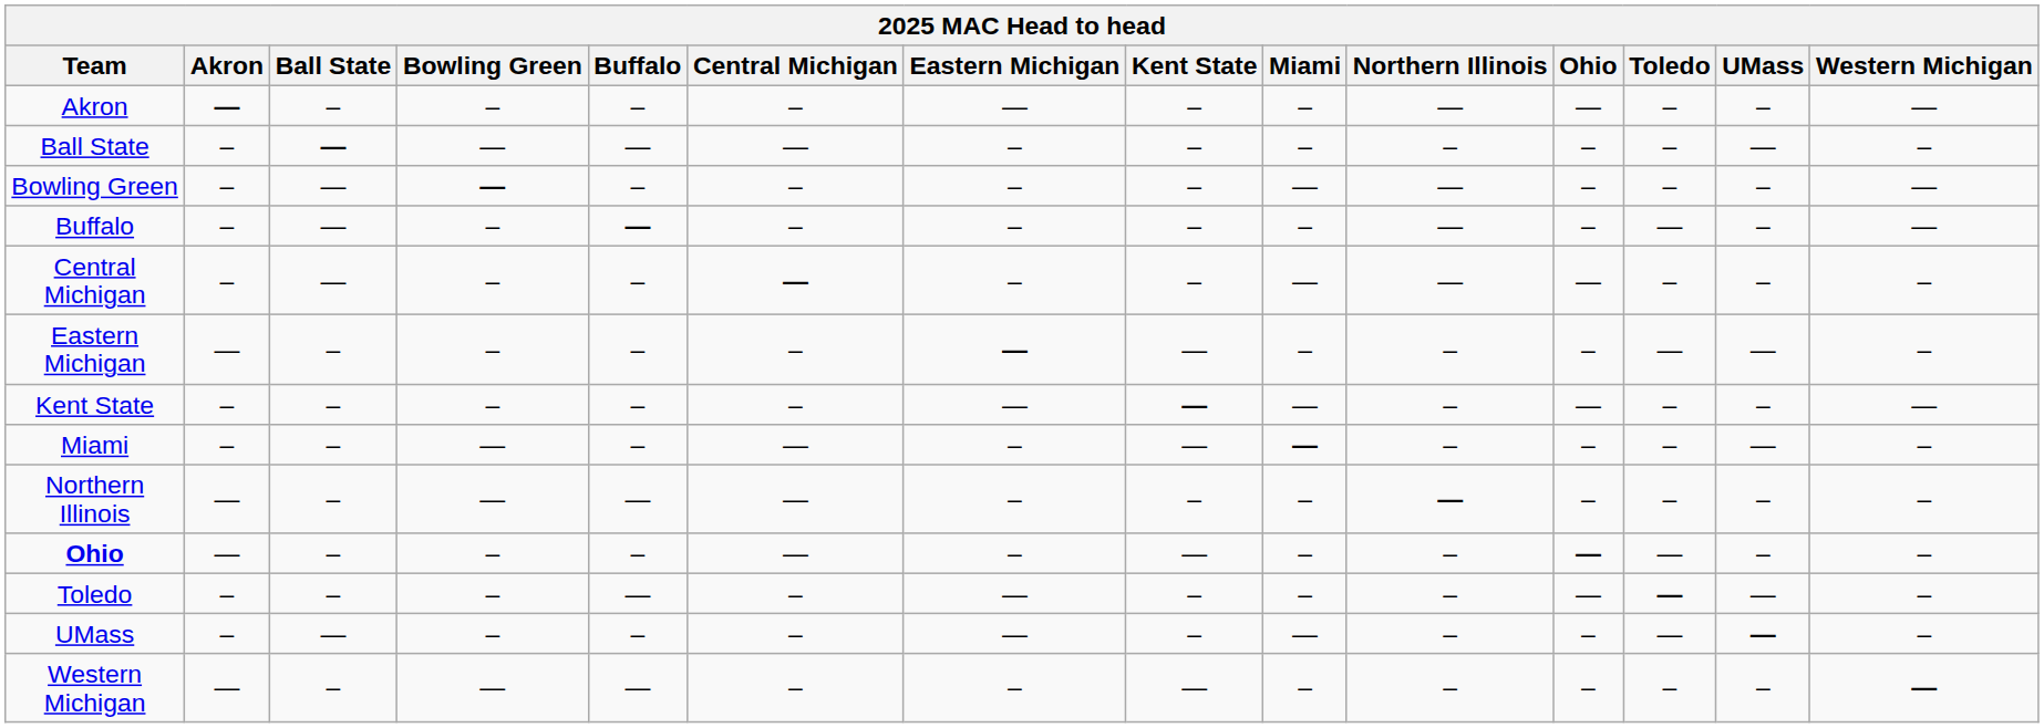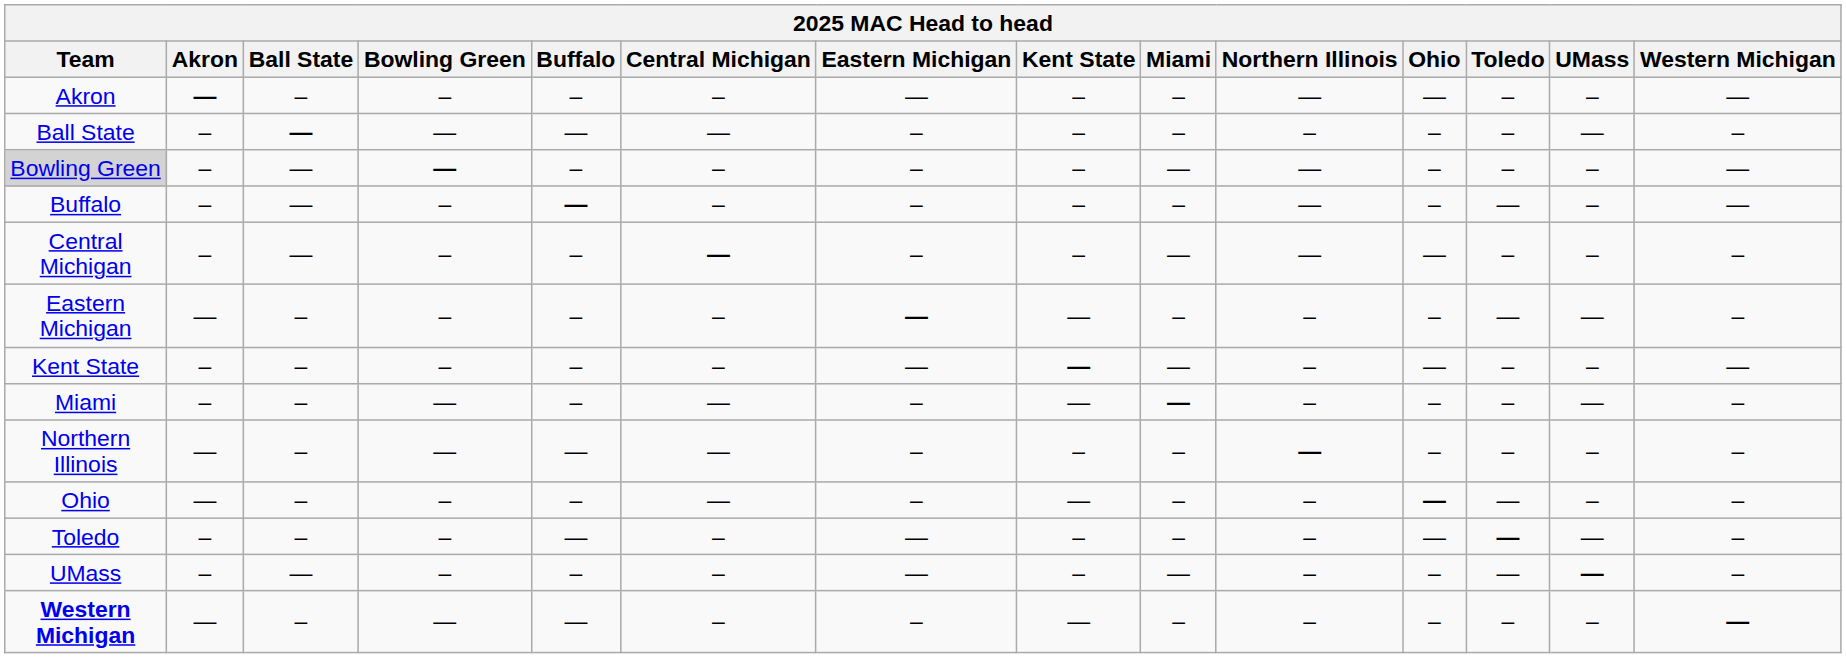 <table class="wikitable" style="font-size:95%; text-align:center;">
 <tr>
 <th colspan=14>2025 MAC Head to head</th>
 </tr>
 <tr>
 <th style="width:100px;">Team</th>
 <th>Akron</th>
 <th>Ball State</th>
 <th>Bowling Green</th>
 <th>Buffalo</th>
 <th>Central Michigan</th>
 <th>Eastern Michigan</th>
 <th>Kent State</th>
 <th>Miami</th>
 <th>Northern Illinois</th>
 <th>Ohio</th>
 <th>Toledo</th>
 <th>UMass</th>
 <th>Western Michigan</th>
 </tr>
 <tr>
 <td><a href='#'>Akron</a></td>
 <td><strong>—</strong></td>
 <td>–</td>
 <td>–</td>
 <td>–</td>
 <td>–</td>
 <td>—</td>
 <td>–</td>
 <td>–</td>
 <td>—</td>
 <td>—</td>
 <td>–</td>
 <td>–</td>
 <td>—</td>
 </tr>
 <tr>
 <td><a href='#'>Ball State</a></td>
 <td>–</td>
 <td><strong>—</strong></td>
 <td>—</td>
 <td>—</td>
 <td>—</td>
 <td>–</td>
 <td>–</td>
 <td>–</td>
 <td>–</td>
 <td>–</td>
 <td>–</td>
 <td>—</td>
 <td>–</td>
 </tr>
 <tr>
-<td><a href='#'>Bowling Green</a></td>
+<td style="background: lightgrey;"><a href='#'>Bowling Green</a></td>
 <td>–</td>
 <td>—</td>
 <td><strong>—</strong></td>
 <td>–</td>
 <td>–</td>
 <td>–</td>
 <td>–</td>
 <td>—</td>
 <td>—</td>
 <td>–</td>
 <td>–</td>
 <td>–</td>
 <td>—</td>
 </tr>
 <tr>
 <td><a href='#'>Buffalo</a></td>
 <td>–</td>
 <td>—</td>
 <td>–</td>
 <td><strong>—</strong></td>
 <td>–</td>
 <td>–</td>
 <td>–</td>
 <td>–</td>
 <td>—</td>
 <td>–</td>
 <td>—</td>
 <td>–</td>
 <td>—</td>
 </tr>
 <tr>
 <td><a href='#'>Central Michigan</a></td>
 <td>–</td>
 <td>—</td>
 <td>–</td>
 <td>–</td>
 <td><strong>—</strong></td>
 <td>–</td>
 <td>–</td>
 <td>—</td>
 <td>—</td>
 <td>—</td>
 <td>–</td>
 <td>–</td>
 <td>–</td>
 </tr>
 <tr>
 <td><a href='#'>Eastern Michigan</a></td>
 <td>—</td>
 <td>–</td>
 <td>–</td>
 <td>–</td>
 <td>–</td>
 <td><strong>—</strong></td>
 <td>—</td>
 <td>–</td>
 <td>–</td>
 <td>–</td>
 <td>—</td>
 <td>—</td>
 <td>–</td>
 </tr>
 <tr>
 <td><a href='#'>Kent State</a></td>
 <td>–</td>
 <td>–</td>
 <td>–</td>
 <td>–</td>
 <td>–</td>
 <td>—</td>
 <td><strong>—</strong></td>
 <td>—</td>
 <td>–</td>
 <td>—</td>
 <td>–</td>
 <td>–</td>
 <td>—</td>
 </tr>
 <tr>
 <td><a href='#'>Miami</a></td>
 <td>–</td>
 <td>–</td>
 <td>—</td>
 <td>–</td>
 <td>—</td>
 <td>–</td>
 <td>—</td>
 <td><strong>—</strong></td>
 <td>–</td>
 <td>–</td>
 <td>–</td>
 <td>—</td>
 <td>–</td>
 </tr>
 <tr>
 <td><a href='#'>Northern Illinois</a></td>
 <td>—</td>
 <td>–</td>
 <td>—</td>
 <td>—</td>
 <td>—</td>
 <td>–</td>
 <td>–</td>
 <td>–</td>
 <td><strong>—</strong></td>
 <td>–</td>
 <td>–</td>
 <td>–</td>
 <td>–</td>
 </tr>
 <tr>
-<td><strong><a href='#'>Ohio</a></strong></td>
+<td><a href='#'>Ohio</a></td>
 <td>—</td>
 <td>–</td>
 <td>–</td>
 <td>–</td>
 <td>—</td>
 <td>–</td>
 <td>—</td>
 <td>–</td>
 <td>–</td>
 <td><strong>—</strong></td>
 <td>—</td>
 <td>–</td>
 <td>–</td>
 </tr>
 <tr>
 <td><a href='#'>Toledo</a></td>
 <td>–</td>
 <td>–</td>
 <td>–</td>
 <td>—</td>
 <td>–</td>
 <td>—</td>
 <td>–</td>
 <td>–</td>
 <td>–</td>
 <td>—</td>
 <td><strong>—</strong></td>
 <td>—</td>
 <td>–</td>
 </tr>
 <tr>
 <td><a href='#'>UMass</a></td>
 <td>–</td>
 <td>—</td>
 <td>–</td>
 <td>–</td>
 <td>–</td>
 <td>—</td>
 <td>–</td>
 <td>—</td>
 <td>–</td>
 <td>–</td>
 <td>—</td>
 <td><strong>—</strong></td>
 <td>–</td>
 </tr>
 <tr>
-<td><a href='#'>Western Michigan</a></td>
+<td><strong><a href='#'>Western Michigan</a></strong></td>
 <td>—</td>
 <td>–</td>
 <td>—</td>
 <td>—</td>
 <td>–</td>
 <td>–</td>
 <td>—</td>
 <td>–</td>
 <td>–</td>
 <td>–</td>
 <td>–</td>
 <td>–</td>
 <td><strong>—</strong></td>
 </tr>
 </table>
